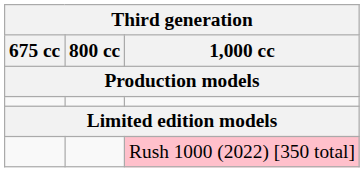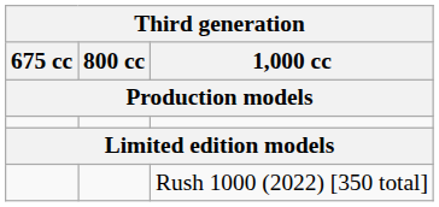 <table class="wikitable">
 <tr>
 <th colspan=3>Third generation</th>
 </tr>
 <tr>
 <th>675 cc</th>
 <th>800 cc</th>
 <th>1,000 cc</th>
 </tr>
 <tr>
 <th colspan=3>Production models</th>
 </tr>
 <tr>
 <td></td>
 <td></td>
 <td></td>
 </tr>
 <tr>
 <th colspan=3>Limited edition models</th>
 </tr>
 <tr>
 <td></td>
 <td></td>
-<td style="background: pink;">Rush 1000 (2022) [350 total]</td>
+<td>Rush 1000 (2022) [350 total]</td>
 </tr>
 </table>
